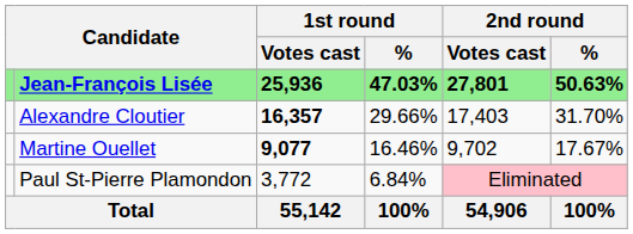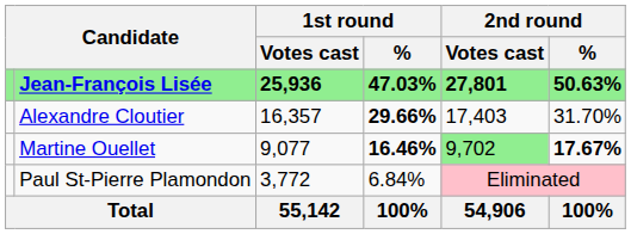 <table class="wikitable">
 <tr>
 <th rowspan="2" colspan="2">Candidate</th>
 <th colspan="2">1st round</th>
 <th colspan="2">2nd round</th>
 </tr>
 <tr>
 <th>Votes cast</th>
 <th>%</th>
 <th>Votes cast</th>
 <th>%</th>
 </tr>
 <tr style="background:lightgreen;">
 <td></td>
 <td><strong><a href='#'>Jean-François Lisée</a></strong></td>
 <td><strong>25,936</strong></td>
 <td><strong>47.03%</strong></td>
 <td><strong>27,801</strong></td>
 <td><strong>50.63%</strong></td>
 </tr>
 <tr>
 <td></td>
 <td><a href='#'>Alexandre Cloutier</a></td>
-<td><strong>16,357</strong></td>
-<td>29.66%</td>
+<td>16,357</td>
+<td><strong>29.66%</strong></td>
 <td>17,403</td>
 <td>31.70%</td>
 </tr>
 <tr>
 <td></td>
 <td><a href='#'>Martine Ouellet</a></td>
-<td><strong>9,077</strong></td>
-<td>16.46%</td>
-<td>9,702</td>
-<td>17.67%</td>
+<td>9,077</td>
+<td><strong>16.46%</strong></td>
+<td style="background: lightgreen;">9,702</td>
+<td><strong>17.67%</strong></td>
 </tr>
 <tr>
 <td></td>
 <td>Paul St-Pierre Plamondon</td>
 <td>3,772</td>
 <td>6.84%</td>
 <td colspan="2" style="background:pink; text-align:center">Eliminated</td>
 </tr>
 <tr>
 <th colspan="2">Total</th>
 <th align="right">55,142</th>
 <th align="right">100%</th>
 <th align="right">54,906</th>
 <th align="right">100%</th>
 </tr>
 </table>
